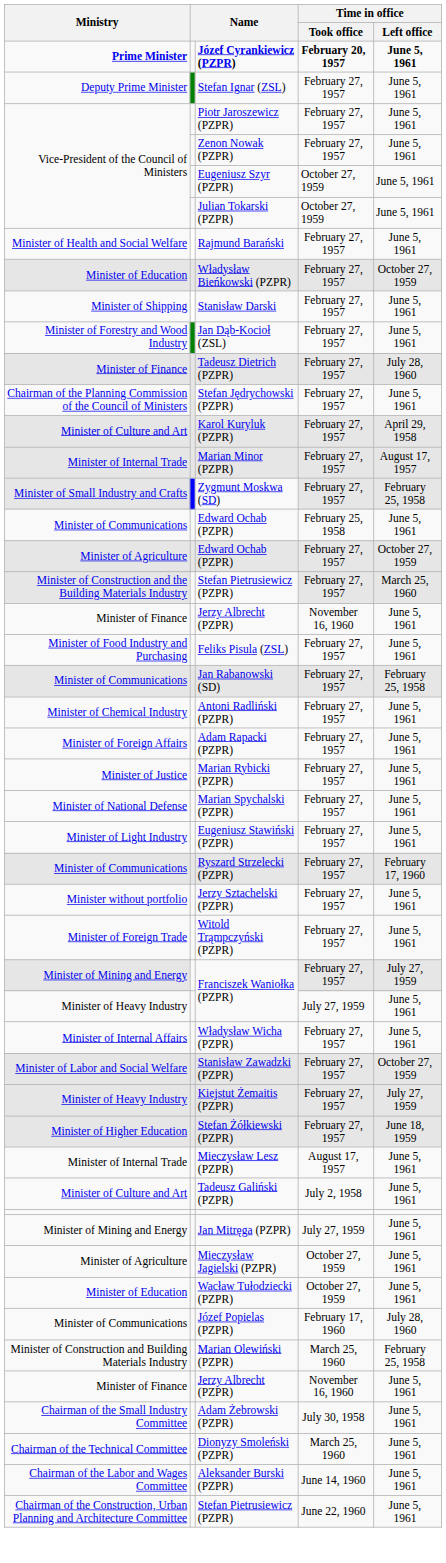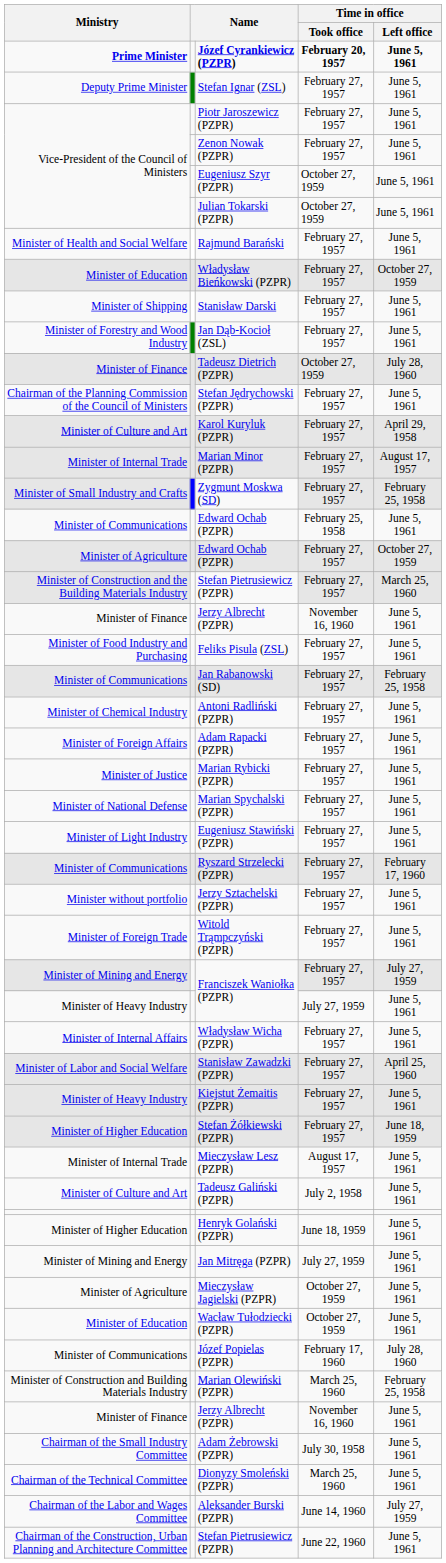 <table class="wikitable">
 <tr>
 <th rowspan=2>Ministry</th>
 <th rowspan=2 colspan=2>Name</th>
 <th colspan=2>Time in office</th>
 </tr>
 <tr>
 <th>Took office</th>
 <th>Left office</th>
 </tr>
 <tr>
 <td style="text-align: right;"><strong><a href='#'>Prime Minister</a></strong></td>
 <td style="background: "></td>
 <td><strong><a href='#'>Józef Cyrankiewicz</a> (<a href='#'>PZPR</a>)</strong></td>
 <td align="center" style="padding-right:10px"><strong>February 20, 1957</strong></td>
 <td align="center" style="padding-right:10px"><strong>June 5, 1961</strong></td>
 </tr>
 <tr>
 <td style="text-align: right;"><a href='#'>Deputy Prime Minister</a></td>
 <td style="background: Green;"></td>
 <td><a href='#'>Stefan Ignar</a> (<a href='#'>ZSL</a>)</td>
 <td align="center" style="padding-right:10px">February 27, 1957</td>
 <td align="center" style="padding-right:10px">June 5, 1961</td>
 </tr>
 <tr>
 <td rowspan="4" style="text-align: right;">Vice-President of the Council of Ministers</td>
 <td style="background: "></td>
 <td><a href='#'>Piotr Jaroszewicz</a> (PZPR)</td>
 <td align="center" style="padding-right:10px">February 27, 1957</td>
 <td align="center" style="padding-right:10px">June 5, 1961</td>
 </tr>
 <tr>
 <td style="background: "></td>
 <td><a href='#'>Zenon Nowak</a> (PZPR)</td>
 <td align="center" style="padding-right:10px">February 27, 1957</td>
 <td align="center" style="padding-right:10px">June 5, 1961</td>
 </tr>
 <tr>
 <td style="background: "></td>
 <td><a href='#'>Eugeniusz Szyr</a> (PZPR)</td>
 <td>October 27, 1959</td>
 <td>June 5, 1961</td>
 </tr>
 <tr>
 <td style="background: "></td>
 <td><a href='#'>Julian Tokarski</a> (PZPR)</td>
 <td>October 27, 1959</td>
 <td>June 5, 1961</td>
 </tr>
 <tr>
 <td style="text-align: right;"><a href='#'>Minister of Health and Social Welfare</a></td>
 <td style="background: white"></td>
 <td><a href='#'>Rajmund Barański</a></td>
 <td align="center" style="padding-right:10px">February 27, 1957</td>
 <td align="center" style="padding-right:10px">June 5, 1961</td>
 </tr>
 <tr style="background: #E6E6E6;">
 <td style="text-align: right;"><a href='#'>Minister of Education</a></td>
 <td style="background: "></td>
 <td><a href='#'>Władysław Bieńkowski</a> (PZPR)</td>
 <td align="center" style="padding-right:10px">February 27, 1957</td>
 <td align="center" style="padding-right:10px">October 27, 1959</td>
 </tr>
 <tr>
 <td style="text-align: right;"><a href='#'>Minister of Shipping</a></td>
 <td style="background: white"></td>
 <td><a href='#'>Stanisław Darski</a></td>
 <td align="center" style="padding-right:10px">February 27, 1957</td>
 <td align="center" style="padding-right:10px">June 5, 1961</td>
 </tr>
 <tr>
 <td style="text-align: right;"><a href='#'>Minister of Forestry and Wood Industry</a></td>
 <td style="background: Green;"></td>
 <td><a href='#'>Jan Dąb-Kocioł</a> (ZSL)</td>
 <td align="center" style="padding-right:10px">February 27, 1957</td>
 <td align="center" style="padding-right:10px">June 5, 1961</td>
 </tr>
 <tr style="background: #E6E6E6;">
 <td style="text-align: right;"><a href='#'>Minister of Finance</a></td>
 <td rowspan=4 style="background: "></td>
 <td><a href='#'>Tadeusz Dietrich</a> (PZPR)</td>
-<td align="center" style="padding-right:10px">February 27, 1957</td>
+<td>October 27, 1959</td>
 <td align="center" style="padding-right:10px">July 28, 1960</td>
 </tr>
 <tr>
 <td style="text-align: right;"><a href='#'>Chairman of the Planning Commission of the Council of Ministers</a></td>
 <td><a href='#'>Stefan Jędrychowski</a> (PZPR)</td>
 <td align="center" style="padding-right:10px">February 27, 1957</td>
 <td align="center" style="padding-right:10px">June 5, 1961</td>
 </tr>
 <tr style="background: #E6E6E6;">
 <td style="text-align: right;"><a href='#'>Minister of Culture and Art</a></td>
 <td><a href='#'>Karol Kuryluk</a> (PZPR)</td>
 <td align="center" style="padding-right:10px">February 27, 1957</td>
 <td align="center" style="padding-right:10px">April 29, 1958</td>
 </tr>
 <tr style="background: #E6E6E6;">
 <td style="text-align: right;"><a href='#'>Minister of Internal Trade</a></td>
 <td><a href='#'>Marian Minor</a> (PZPR)</td>
 <td align="center" style="padding-right:10px">February 27, 1957</td>
 <td align="center" style="padding-right:10px">August 17, 1957</td>
 </tr>
 <tr>
 <td style="text-align: right; background: #E6E6E6;"><a href='#'>Minister of Small Industry and Crafts</a></td>
 <td style="background: Blue;"></td>
 <td><a href='#'>Zygmunt Moskwa</a> (<a href='#'>SD</a>)</td>
 <td align="center" style="padding-right:10px; background: #E6E6E6">February 27, 1957</td>
 <td align="center" style="padding-right:10px; background: #E6E6E6">February 25, 1958</td>
 </tr>
 <tr>
 <td style="text-align: right;"><a href='#'>Minister of Communications</a></td>
 <td style="background: "></td>
 <td><a href='#'>Edward Ochab</a> (PZPR)</td>
 <td align="center" style="padding-right:10px">February 25, 1958</td>
 <td align="center" style="padding-right:10px">June 5, 1961</td>
 </tr>
 <tr style="background: #E6E6E6;">
 <td style="text-align: right;"><a href='#'>Minister of Agriculture</a></td>
 <td style="background: "></td>
 <td><a href='#'>Edward Ochab</a> (PZPR)</td>
 <td align="center" style="padding-right:10px">February 27, 1957</td>
 <td align="center" style="padding-right:10px">October 27, 1959</td>
 </tr>
 <tr>
 <td style="text-align: right; background: #E6E6E6;"><a href='#'>Minister of Construction and the Building Materials Industry</a></td>
 <td style="background: "></td>
 <td><a href='#'>Stefan Pietrusiewicz</a> (PZPR)</td>
 <td align="center" style="padding-right:10px; background: #E6E6E6">February 27, 1957</td>
 <td align="center" style="padding-right:10px; background: #E6E6E6">March 25, 1960</td>
 </tr>
 <tr>
 <td style="text-align: right;">Minister of Finance</td>
 <td style="background: "></td>
 <td><a href='#'>Jerzy Albrecht</a> (PZPR)</td>
 <td align="center" style="padding-right:10px">November 16, 1960</td>
 <td align="center" style="padding-right:10px">June 5, 1961</td>
 </tr>
 <tr>
 <td style="text-align: right;"><a href='#'>Minister of Food Industry and Purchasing</a></td>
 <td style="background: "></td>
 <td><a href='#'>Feliks Pisula</a> (<a href='#'>ZSL</a>)</td>
 <td align="center" style="padding-right:10px">February 27, 1957</td>
 <td align="center" style="padding-right:10px">June 5, 1961</td>
 </tr>
 <tr style="background: #E6E6E6;">
 <td style="text-align: right;"><a href='#'>Minister of Communications</a></td>
 <td style="background: #"></td>
 <td><a href='#'>Jan Rabanowski</a> (SD)</td>
 <td align="center" style="padding-right:10px">February 27, 1957</td>
 <td align="center" style="padding-right:10px">February 25, 1958</td>
 </tr>
 <tr>
 <td style="text-align: right;"><a href='#'>Minister of Chemical Industry</a></td>
 <td style="background: "></td>
 <td><a href='#'>Antoni Radliński</a> (PZPR)</td>
 <td align="center" style="padding-right:10px">February 27, 1957</td>
 <td align="center" style="padding-right:10px">June 5, 1961</td>
 </tr>
 <tr>
 <td style="text-align: right;"><a href='#'>Minister of Foreign Affairs</a></td>
 <td style="background: "></td>
 <td><a href='#'>Adam Rapacki</a> (PZPR)</td>
 <td align="center" style="padding-right:10px">February 27, 1957</td>
 <td align="center" style="padding-right:10px">June 5, 1961</td>
 </tr>
 <tr>
 <td style="text-align: right;"><a href='#'>Minister of Justice</a></td>
 <td style="background: "></td>
 <td><a href='#'>Marian Rybicki</a> (PZPR)</td>
 <td align="center" style="padding-right:10px">February 27, 1957</td>
 <td align="center" style="padding-right:10px">June 5, 1961</td>
 </tr>
 <tr>
 <td style="text-align: right;"><a href='#'>Minister of National Defense</a></td>
 <td style="background: "></td>
 <td><a href='#'>Marian Spychalski</a> (PZPR)</td>
 <td align="center" style="padding-right:10px">February 27, 1957</td>
 <td align="center" style="padding-right:10px">June 5, 1961</td>
 </tr>
 <tr>
 <td style="text-align: right;"><a href='#'>Minister of Light Industry</a></td>
 <td style="background: "></td>
 <td><a href='#'>Eugeniusz Stawiński</a> (PZPR)</td>
 <td align="center" style="padding-right:10px">February 27, 1957</td>
 <td align="center" style="padding-right:10px">June 5, 1961</td>
 </tr>
 <tr style="background: #E6E6E6;">
 <td style="text-align: right;"><a href='#'>Minister of Communications</a></td>
 <td style="background: "></td>
 <td><a href='#'>Ryszard Strzelecki</a> (PZPR)</td>
 <td align="center" style="padding-right:10px">February 27, 1957</td>
 <td align="center" style="padding-right:10px">February 17, 1960</td>
 </tr>
 <tr>
 <td style="text-align: right;"><a href='#'>Minister without portfolio</a></td>
 <td style="background: "></td>
 <td><a href='#'>Jerzy Sztachelski</a> (PZPR)</td>
 <td align="center" style="padding-right:10px">February 27, 1957</td>
 <td align="center" style="padding-right:10px">June 5, 1961</td>
 </tr>
 <tr>
 <td style="text-align: right;"><a href='#'>Minister of Foreign Trade</a></td>
 <td style="background: "></td>
 <td><a href='#'>Witold Trąmpczyński</a> (PZPR)</td>
 <td align="center" style="padding-right:10px">February 27, 1957</td>
 <td align="center" style="padding-right:10px">June 5, 1961</td>
 </tr>
 <tr>
 <td style="text-align: right; background: #E6E6E6;"><a href='#'>Minister of Mining and Energy</a></td>
 <td style="background: "></td>
 <td rowspan=2><a href='#'>Franciszek Waniołka</a> (PZPR)</td>
 <td align="center" style="padding-right:10px; background: #E6E6E6">February 27, 1957</td>
 <td align="center" style="padding-right:10px; background: #E6E6E6">July 27, 1959</td>
 </tr>
 <tr>
 <td style="text-align: right;">Minister of Heavy Industry</td>
 <td style="background: "></td>
 <td align="center" style="padding-right:10px">July 27, 1959</td>
 <td align="center" style="padding-right:10px">June 5, 1961</td>
 </tr>
 <tr>
 <td style="text-align: right;"><a href='#'>Minister of Internal Affairs</a></td>
 <td style="background: "></td>
 <td><a href='#'>Władysław Wicha</a> (PZPR)</td>
 <td align="center" style="padding-right:10px">February 27, 1957</td>
 <td align="center" style="padding-right:10px">June 5, 1961</td>
 </tr>
 <tr style="background: #E6E6E6;">
 <td style="text-align: right;"><a href='#'>Minister of Labor and Social Welfare</a></td>
 <td style="background: "></td>
 <td><a href='#'>Stanisław Zawadzki</a> (PZPR)</td>
 <td align="center" style="padding-right:10px">February 27, 1957</td>
-<td align="center" style="padding-right:10px">October 27, 1959</td>
+<td align="center" style="padding-right:10px">April 25, 1960</td>
 </tr>
 <tr style="background: #E6E6E6;">
 <td style="text-align: right;"><a href='#'>Minister of Heavy Industry</a></td>
 <td style="background: "></td>
 <td><a href='#'>Kiejstut Żemaitis</a> (PZPR)</td>
 <td align="center" style="padding-right:10px">February 27, 1957</td>
-<td align="center" style="padding-right:10px">July 27, 1959</td>
+<td align="center" style="padding-right:10px">June 5, 1961</td>
 </tr>
 <tr style="background: #E6E6E6;">
 <td style="text-align: right;"><a href='#'>Minister of Higher Education</a></td>
 <td style="background: "></td>
 <td><a href='#'>Stefan Żółkiewski</a> (PZPR)</td>
 <td align="center" style="padding-right:10px">February 27, 1957</td>
 <td align="center" style="padding-right:10px">June 18, 1959</td>
 </tr>
 <tr>
 <td style="text-align: right;">Minister of Internal Trade</td>
 <td style="background: "></td>
 <td><a href='#'>Mieczysław Lesz</a> (PZPR)</td>
 <td align="center" style="padding-right:10px">August 17, 1957</td>
 <td align="center" style="padding-right:10px">June 5, 1961</td>
 </tr>
 <tr>
 <td style="text-align: right;"><a href='#'>Minister of Culture and Art</a></td>
 <td style="background: "></td>
 <td><a href='#'>Tadeusz Galiński</a> (PZPR)</td>
 <td align="center" style="padding-right:10px">July 2, 1958</td>
 <td align="center" style="padding-right:10px">June 5, 1961</td>
 </tr>
 <tr>
 <td style="text-align: right;"></td>
 <td style="background: "></td>
 <td></td>
 <td align="center" style="padding-right:10px"></td>
 <td align="center" style="padding-right:10px"></td>
+</tr>
+<tr>
+<td style="text-align: right;">Minister of Higher Education</td>
+<td style="background: "></td>
+<td><a href='#'>Henryk Golański</a> (PZPR)</td>
+<td align="center" style="padding-right:10px">June 18, 1959</td>
+<td align="center" style="padding-right:10px">June 5, 1961</td>
 </tr>
 <tr>
 <td style="text-align: right;">Minister of Mining and Energy</td>
 <td style="background: "></td>
 <td><a href='#'>Jan Mitręga</a> (PZPR)</td>
 <td align="center" style="padding-right:10px">July 27, 1959</td>
 <td align="center" style="padding-right:10px">June 5, 1961</td>
 </tr>
 <tr>
 <td style="text-align: right;">Minister of Agriculture</td>
 <td style="background: "></td>
 <td><a href='#'>Mieczysław Jagielski</a> (PZPR)</td>
 <td align="center" style="padding-right:10px">October 27, 1959</td>
 <td align="center" style="padding-right:10px">June 5, 1961</td>
 </tr>
 <tr>
 <td style="text-align: right;"><a href='#'>Minister of Education</a></td>
 <td style="background: "></td>
 <td><a href='#'>Wacław Tułodziecki</a> (PZPR)</td>
 <td align="center" style="padding-right:10px">October 27, 1959</td>
 <td align="center" style="padding-right:10px">June 5, 1961</td>
 </tr>
 <tr>
 <td style="text-align: right;">Minister of Communications</td>
 <td style="background: "></td>
 <td><a href='#'>Józef Popielas</a> (PZPR)</td>
 <td align="center" style="padding-right:10px">February 17, 1960</td>
 <td align="center" style="padding-right:10px">July 28, 1960</td>
 </tr>
 <tr>
 <td style="text-align: right;">Minister of Construction and Building Materials Industry</td>
 <td style="background: "></td>
 <td><a href='#'>Marian Olewiński</a> (PZPR)</td>
 <td align="center" style="padding-right:10px">March 25, 1960</td>
 <td align="center" style="padding-right:10px">February 25, 1958</td>
 </tr>
 <tr>
 <td style="text-align: right;">Minister of Finance</td>
 <td style="background: "></td>
 <td><a href='#'>Jerzy Albrecht</a> (PZPR)</td>
 <td align="center" style="padding-right:10px">November 16, 1960</td>
 <td align="center" style="padding-right:10px">June 5, 1961</td>
 </tr>
 <tr>
 <td style="text-align: right;"><a href='#'>Chairman of the Small Industry Committee</a></td>
 <td style="background: "></td>
 <td><a href='#'>Adam Żebrowski</a> (PZPR)</td>
 <td align="center" style="padding-right:10px">July 30, 1958</td>
 <td align="center" style="padding-right:10px">June 5, 1961</td>
 </tr>
 <tr>
 <td style="text-align: right;"><a href='#'>Chairman of the Technical Committee</a></td>
 <td style="background: "></td>
 <td><a href='#'>Dionyzy Smoleński</a> (PZPR)</td>
 <td align="center" style="padding-right:10px">March 25, 1960</td>
 <td align="center" style="padding-right:10px">June 5, 1961</td>
 </tr>
 <tr>
 <td style="text-align: right;"><a href='#'>Chairman of the Labor and Wages Committee</a></td>
 <td style="background: "></td>
 <td><a href='#'>Aleksander Burski</a> (PZPR)</td>
 <td align="center" style="padding-right:10px">June 14, 1960</td>
-<td align="center" style="padding-right:10px">June 5, 1961</td>
+<td align="center" style="padding-right:10px">July 27, 1959</td>
 </tr>
 <tr>
 <td style="text-align: right;"><a href='#'>Chairman of the Construction, Urban Planning and Architecture Committee</a></td>
 <td style="background: "></td>
 <td><a href='#'>Stefan Pietrusiewicz</a> (PZPR)</td>
 <td align="center" style="padding-right:10px">June 22, 1960</td>
 <td align="center" style="padding-right:10px">June 5, 1961</td>
 </tr>
 </table>
